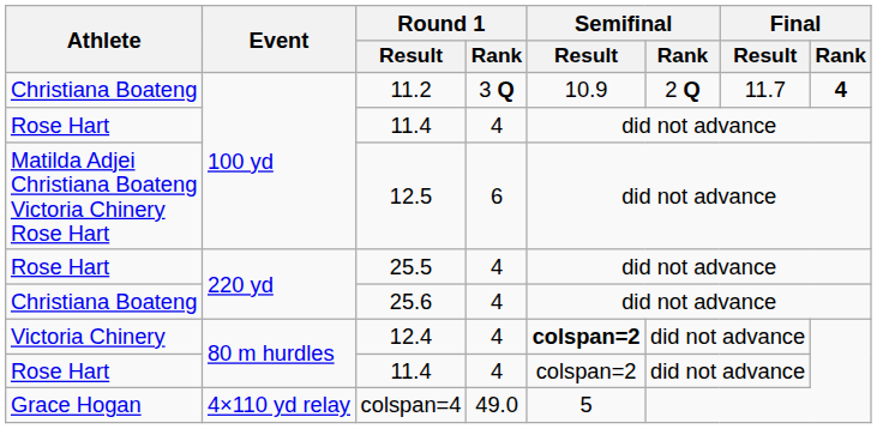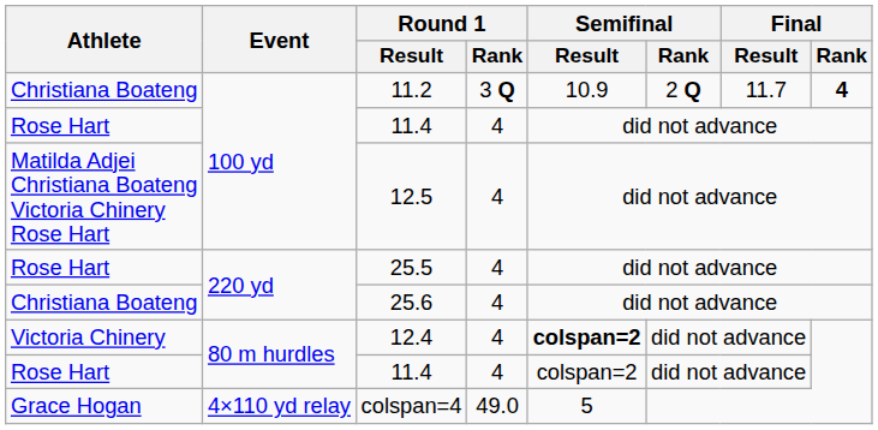 <table class=wikitable style=font-size:90%>
 <tr>
 <th rowspan=2>Athlete</th>
 <th rowspan=2>Event</th>
 <th colspan=2>Round 1</th>
 <th colspan=2>Semifinal</th>
 <th colspan=2>Final</th>
 </tr>
 <tr style=font-size:95%>
 <th>Result</th>
 <th>Rank</th>
 <th>Result</th>
 <th>Rank</th>
 <th>Result</th>
 <th>Rank</th>
 </tr>
 <tr align=center>
 <td align=left><a href='#'>Christiana Boateng</a></td>
 <td align=left rowspan=3><a href='#'>100 yd</a></td>
 <td>11.2</td>
 <td>3 <strong>Q</strong></td>
 <td>10.9</td>
 <td>2 <strong>Q</strong></td>
 <td>11.7</td>
 <td><strong>4</strong></td>
 </tr>
 <tr align=center>
 <td align=left><a href='#'>Rose Hart</a></td>
 <td>11.4</td>
 <td>4</td>
 <td colspan=4>did not advance</td>
 </tr>
 <tr align=center>
 <td align=left><a href='#'>Matilda Adjei</a><br><a href='#'>Christiana Boateng</a><br><a href='#'>Victoria Chinery</a><br><a href='#'>Rose Hart</a></td>
 <td>12.5</td>
-<td>6</td>
+<td>4</td>
 <td colspan=4>did not advance</td>
 </tr>
 <tr align=center>
 <td align=left><a href='#'>Rose Hart</a></td>
 <td align=left rowspan=2><a href='#'>220 yd</a></td>
 <td>25.5</td>
 <td>4</td>
 <td colspan=4>did not advance</td>
 </tr>
 <tr align=center>
 <td align=left><a href='#'>Christiana Boateng</a></td>
 <td>25.6</td>
 <td>4</td>
 <td colspan=4>did not advance</td>
 </tr>
 <tr align=center>
 <td align=left><a href='#'>Victoria Chinery</a></td>
 <td align=left rowspan=2><a href='#'>80 m hurdles</a></td>
 <td>12.4</td>
 <td>4</td>
 <td><strong>colspan=2 </strong></td>
 <td colspan=2>did not advance</td>
 </tr>
 <tr align=center>
 <td align=left><a href='#'>Rose Hart</a></td>
 <td>11.4</td>
 <td>4</td>
 <td>colspan=2 </td>
 <td colspan=2>did not advance</td>
 </tr>
 <tr align=center>
 <td align=left><a href='#'>Grace Hogan</a></td>
 <td align=left><a href='#'>4×110 yd relay</a></td>
 <td>colspan=4 </td>
 <td>49.0</td>
 <td>5</td>
 </tr>
 </table>
